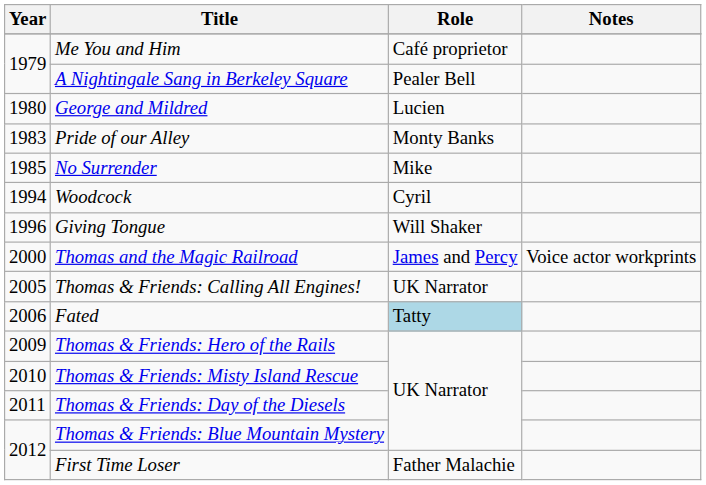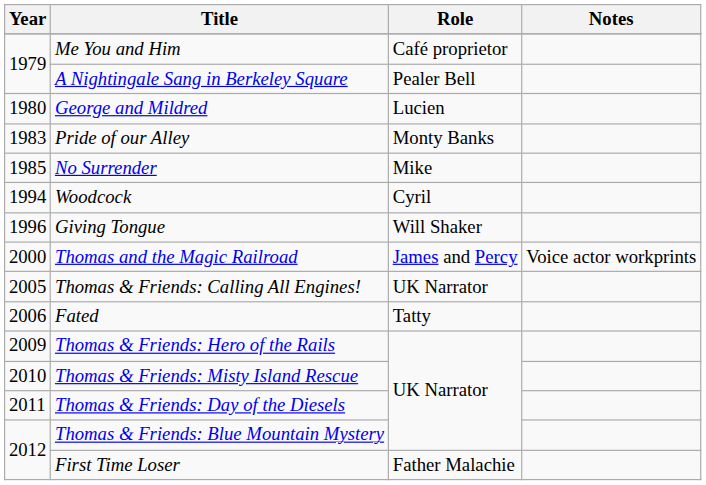 <table class="wikitable">
 <tr>
 <th>Year</th>
 <th>Title</th>
 <th>Role</th>
 <th>Notes</th>
 </tr>
 <tr |- 1978 || >
 </tr>
 <tr>
 <td rowspan = "2">1979</td>
 <td><em>Me You and Him</em></td>
 <td>Café proprietor</td>
 <td></td>
 </tr>
 <tr>
 <td><em><a href='#'>A Nightingale Sang in Berkeley Square</a></em></td>
 <td>Pealer Bell</td>
 <td></td>
 </tr>
 <tr>
 <td>1980</td>
 <td><em><a href='#'>George and Mildred</a></em></td>
 <td>Lucien</td>
 <td></td>
 </tr>
 <tr>
 <td>1983</td>
 <td><em>Pride of our Alley</em></td>
 <td>Monty Banks</td>
 <td></td>
 </tr>
 <tr>
 <td>1985</td>
 <td><em><a href='#'>No Surrender</a></em></td>
 <td>Mike</td>
 <td></td>
 </tr>
 <tr>
 <td>1994</td>
 <td><em>Woodcock</em></td>
 <td>Cyril</td>
 <td></td>
 </tr>
 <tr>
 <td>1996</td>
 <td><em>Giving Tongue</em></td>
 <td>Will Shaker</td>
 <td></td>
 </tr>
 <tr>
 <td>2000</td>
 <td><em><a href='#'>Thomas and the Magic Railroad</a></em></td>
 <td><a href='#'>James</a> and <a href='#'>Percy</a></td>
 <td>Voice actor workprints</td>
 </tr>
 <tr>
 <td>2005</td>
 <td><em>Thomas & Friends: Calling All Engines!</em></td>
 <td>UK Narrator</td>
 <td></td>
 </tr>
 <tr>
 <td>2006</td>
 <td><em>Fated</em></td>
-<td style="background: lightblue;">Tatty</td>
+<td>Tatty</td>
 <td></td>
 </tr>
 <tr>
 <td>2009</td>
 <td><em><a href='#'>Thomas & Friends: Hero of the Rails</a></em></td>
 <td rowspan = "4">UK Narrator</td>
 <td></td>
 </tr>
 <tr>
 <td>2010</td>
 <td><em><a href='#'>Thomas & Friends: Misty Island Rescue</a></em></td>
 <td></td>
 </tr>
 <tr>
 <td>2011</td>
 <td><em><a href='#'>Thomas & Friends: Day of the Diesels</a></em></td>
 <td></td>
 </tr>
 <tr>
 <td rowspan = "2">2012</td>
 <td><em><a href='#'>Thomas & Friends: Blue Mountain Mystery</a></em></td>
 <td></td>
 </tr>
 <tr>
 <td><em>First Time Loser</em></td>
 <td>Father Malachie</td>
 <td></td>
 </tr>
 </table>
